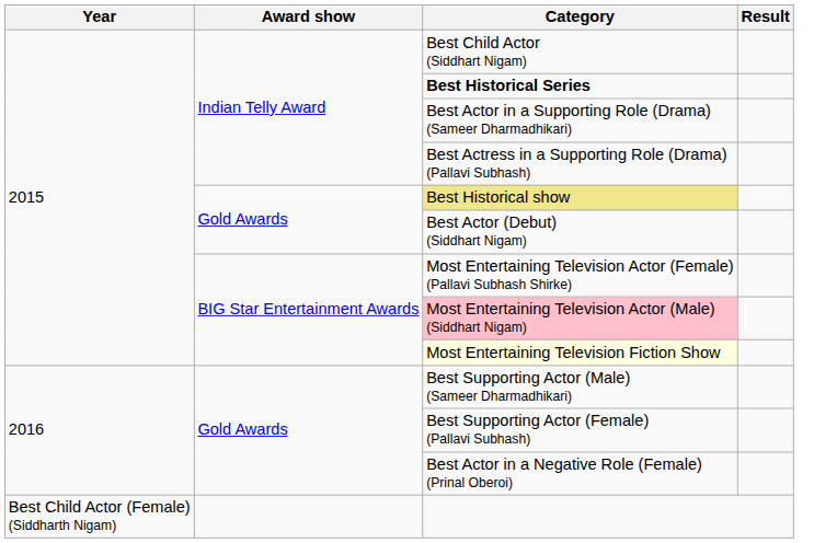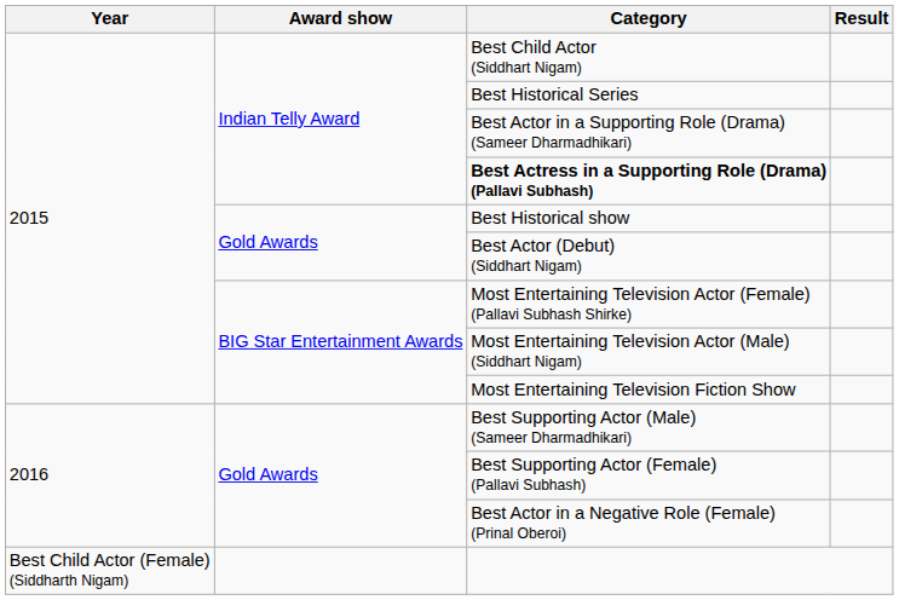 <table class="wikitable">
 <tr>
 <th>Year</th>
 <th>Award show</th>
 <th>Category</th>
 <th>Result</th>
 </tr>
 <tr>
 <td rowspan="9">2015</td>
 <td rowspan="4"><a href='#'>Indian Telly Award</a></td>
 <td>Best Child Actor<br><small>(Siddhart Nigam)</small></td>
 <td></td>
 </tr>
 <tr>
-<td><strong>Best Historical Series</strong></td>
+<td>Best Historical Series</td>
 <td></td>
 </tr>
 <tr>
 <td>Best Actor in a Supporting Role (Drama) <br><small>(Sameer Dharmadhikari)</small></td>
 <td></td>
 </tr>
 <tr>
-<td>Best Actress in a Supporting Role (Drama) <br><small>(Pallavi Subhash)</small></td>
+<td><strong>Best Actress in a Supporting Role (Drama) <br><small>(Pallavi Subhash)</small></strong></td>
 <td></td>
 </tr>
 <tr>
 <td rowspan="2"><a href='#'>Gold Awards</a></td>
-<td style="background: khaki;">Best Historical show</td>
+<td>Best Historical show</td>
 <td></td>
 </tr>
 <tr>
 <td>Best Actor (Debut)<br><small>(Siddhart Nigam)</small></td>
 <td></td>
 </tr>
 <tr>
 <td rowspan="3"><a href='#'>BIG Star Entertainment Awards</a></td>
 <td>Most Entertaining Television Actor (Female)<br><small>(Pallavi Subhash Shirke)</small></td>
 <td></td>
 </tr>
 <tr>
-<td style="background: pink;">Most Entertaining Television Actor (Male)<br><small>(Siddhart Nigam)</small></td>
+<td>Most Entertaining Television Actor (Male)<br><small>(Siddhart Nigam)</small></td>
 <td></td>
 </tr>
 <tr>
-<td style="background: lightyellow;">Most Entertaining Television Fiction Show</td>
+<td>Most Entertaining Television Fiction Show</td>
 <td></td>
 </tr>
 <tr>
 <td rowspan="3">2016</td>
 <td rowspan="3"><a href='#'>Gold Awards</a></td>
 <td>Best Supporting Actor (Male)<br><small>(Sameer Dharmadhikari)</small></td>
 <td></td>
 </tr>
 <tr>
 <td>Best Supporting Actor (Female)<br><small>(Pallavi Subhash)</small></td>
 <td></td>
 </tr>
 <tr>
 <td>Best Actor in a Negative Role (Female)<br><small>(Prinal Oberoi)</small></td>
 <td></td>
 </tr>
 <tr>
 <td>Best Child Actor (Female)<br><small>(Siddharth Nigam)</small></td>
 <td></td>
 </tr>
 </table>
